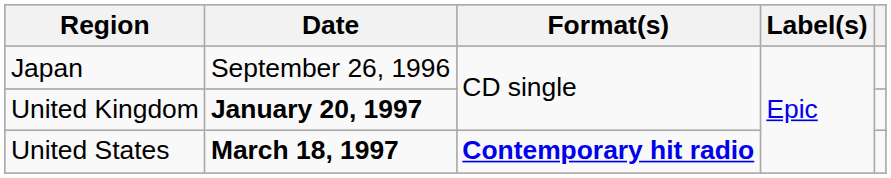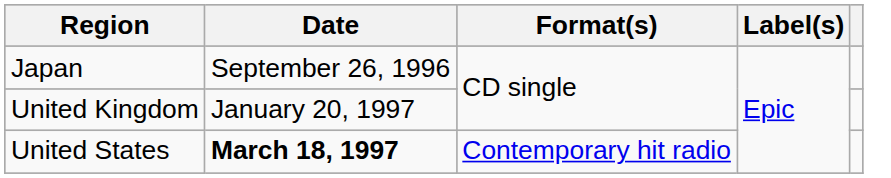 <table class="wikitable plainrowheaders">
 <tr>
 <th scope="col">Region</th>
 <th scope="col">Date</th>
 <th scope="col">Format(s)</th>
 <th scope="col">Label(s)</th>
 <th scope="col"></th>
 </tr>
 <tr>
 <td>Japan</td>
 <td>September 26, 1996</td>
 <td rowspan="2">CD single</td>
 <td rowspan="3"><a href='#'>Epic</a></td>
 <td></td>
 </tr>
 <tr>
 <td>United Kingdom</td>
-<td><strong>January 20, 1997</strong></td>
+<td>January 20, 1997</td>
 <td></td>
 </tr>
 <tr>
 <td>United States</td>
 <td><strong>March 18, 1997</strong></td>
-<td><strong><a href='#'>Contemporary hit radio</a></strong></td>
+<td><a href='#'>Contemporary hit radio</a></td>
 <td></td>
 </tr>
 </table>
